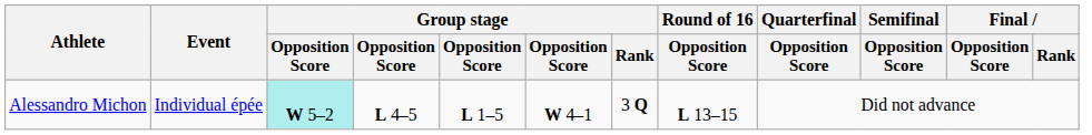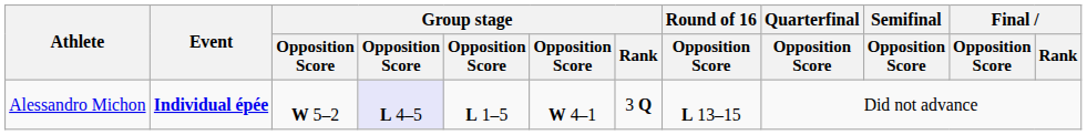 <table class=wikitable style="font-size:90%">
 <tr>
 <th rowspan=2>Athlete</th>
 <th rowspan=2>Event</th>
 <th colspan=5>Group stage</th>
 <th>Round of 16</th>
 <th>Quarterfinal</th>
 <th>Semifinal</th>
 <th colspan=2>Final / </th>
 </tr>
 <tr style="font-size:95%">
 <th>Opposition<br>Score</th>
 <th>Opposition<br>Score</th>
 <th>Opposition<br>Score</th>
 <th>Opposition<br>Score</th>
 <th>Rank</th>
 <th>Opposition<br>Score</th>
 <th>Opposition<br>Score</th>
 <th>Opposition<br>Score</th>
 <th>Opposition<br>Score</th>
 <th>Rank</th>
 </tr>
 <tr align=center>
 <td align=left><a href='#'>Alessandro Michon</a></td>
-<td align=left><a href='#'>Individual épée</a></td>
-<td style="background: paleturquoise;"><br><strong>W</strong> 5–2</td>
-<td><br><strong>L</strong> 4–5</td>
+<td align=left><strong><a href='#'>Individual épée</a></strong></td>
+<td><br><strong>W</strong> 5–2</td>
+<td style="background: lavender;"><br><strong>L</strong> 4–5</td>
 <td><br><strong>L</strong> 1–5</td>
 <td><br><strong>W</strong> 4–1</td>
 <td>3 <strong>Q</strong></td>
 <td><br><strong>L</strong> 13–15</td>
 <td colspan=4>Did not advance</td>
 </tr>
 </table>
